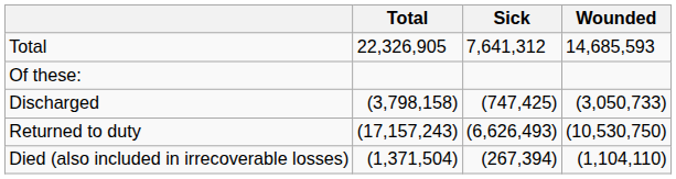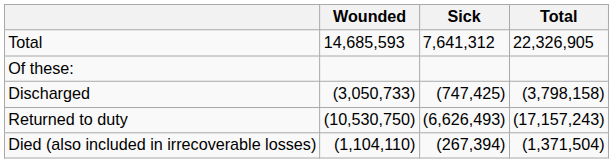 <table class="wikitable">
 <tr>
 <th></th>
+<th>Wounded</th>
+<th>Sick</th>
 <th>Total</th>
-<th>Sick</th>
-<th>Wounded</th>
 </tr>
 <tr>
 <td>Total</td>
+<td>14,685,593</td>
+<td>7,641,312</td>
 <td>22,326,905</td>
-<td>7,641,312</td>
-<td>14,685,593</td>
 </tr>
 <tr>
 <td>Of these:</td>
 <td></td>
 <td></td>
 <td></td>
 </tr>
 <tr>
 <td>Discharged</td>
+<td style="text-align:right;">(3,050,733)</td>
+<td style="text-align:right;">(747,425)</td>
 <td style="text-align:right;">(3,798,158)</td>
-<td style="text-align:right;">(747,425)</td>
-<td style="text-align:right;">(3,050,733)</td>
 </tr>
 <tr>
 <td>Returned to duty</td>
+<td style="text-align:right;">(10,530,750)</td>
+<td style="text-align:right;">(6,626,493)</td>
 <td style="text-align:right;">(17,157,243)</td>
-<td style="text-align:right;">(6,626,493)</td>
-<td style="text-align:right;">(10,530,750)</td>
 </tr>
 <tr>
 <td>Died (also included in irrecoverable losses)</td>
+<td style="text-align:right;">(1,104,110)</td>
+<td style="text-align:right;">(267,394)</td>
 <td style="text-align:right;">(1,371,504)</td>
-<td style="text-align:right;">(267,394)</td>
-<td style="text-align:right;">(1,104,110)</td>
 </tr>
 </table>
